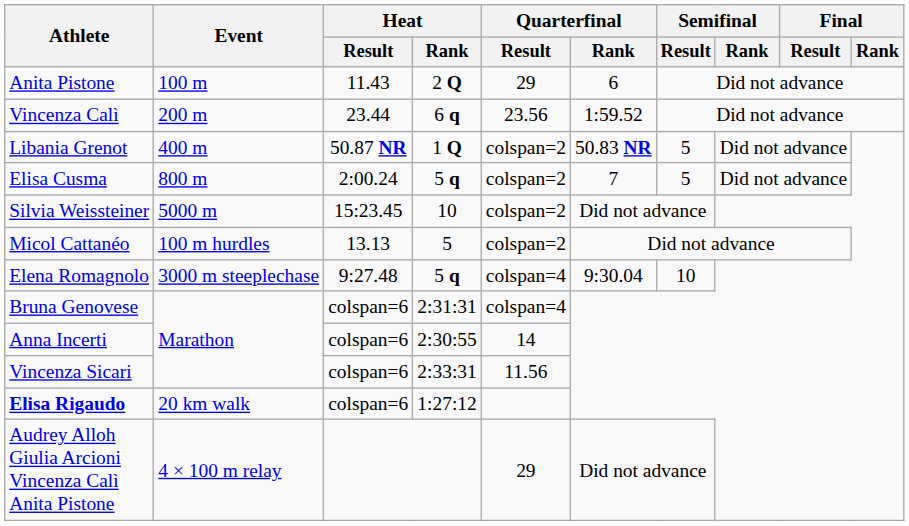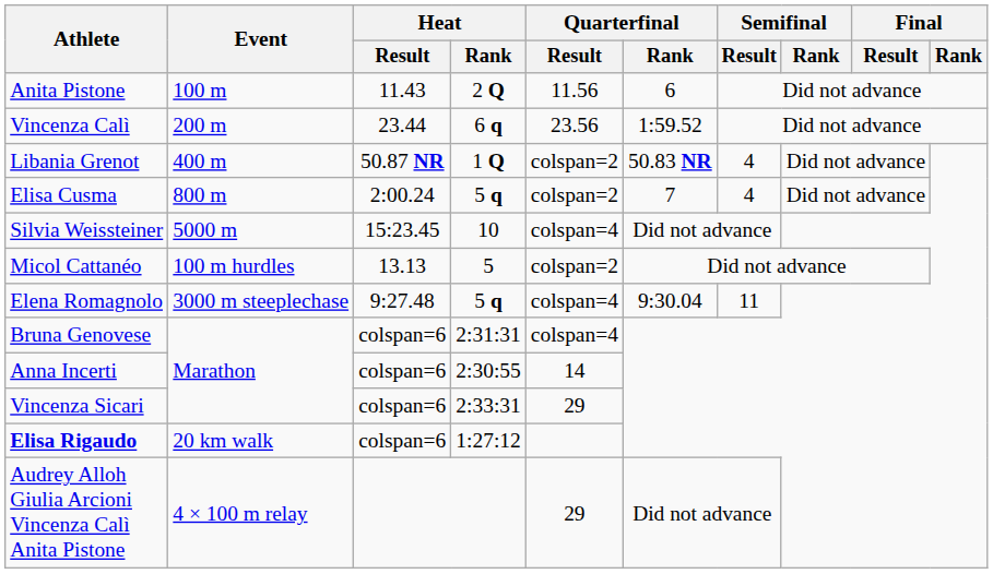 <table class=wikitable style="font-size:90%">
 <tr>
 <th rowspan="2">Athlete</th>
 <th rowspan="2">Event</th>
 <th colspan="2">Heat</th>
 <th colspan="2">Quarterfinal</th>
 <th colspan="2">Semifinal</th>
 <th colspan="2">Final</th>
 </tr>
 <tr style="font-size:95%">
 <th>Result</th>
 <th>Rank</th>
 <th>Result</th>
 <th>Rank</th>
 <th>Result</th>
 <th>Rank</th>
 <th>Result</th>
 <th>Rank</th>
 </tr>
 <tr align=center>
 <td align=left><a href='#'>Anita Pistone</a></td>
 <td align=left><a href='#'>100 m</a></td>
 <td>11.43</td>
 <td>2 <strong>Q</strong></td>
-<td>29</td>
+<td>11.56</td>
 <td>6</td>
 <td colspan=4>Did not advance</td>
 </tr>
 <tr align=center>
 <td align=left><a href='#'>Vincenza Calì</a></td>
 <td align=left><a href='#'>200 m</a></td>
 <td>23.44</td>
 <td>6 <strong>q</strong></td>
 <td>23.56</td>
 <td>1:59.52</td>
 <td colspan=4>Did not advance</td>
 </tr>
 <tr align=center>
 <td align=left><a href='#'>Libania Grenot</a></td>
 <td align=left><a href='#'>400 m</a></td>
 <td>50.87 <strong><a href='#'>NR</a></strong></td>
 <td>1 <strong>Q</strong></td>
 <td>colspan=2 </td>
 <td>50.83 <strong><a href='#'>NR</a></strong></td>
-<td>5</td>
+<td>4</td>
 <td colspan=2>Did not advance</td>
 </tr>
 <tr align=center>
 <td align=left><a href='#'>Elisa Cusma</a></td>
 <td align=left><a href='#'>800 m</a></td>
 <td>2:00.24</td>
 <td>5 <strong>q</strong></td>
 <td>colspan=2 </td>
 <td>7</td>
-<td>5</td>
+<td>4</td>
 <td colspan=2>Did not advance</td>
 </tr>
 <tr align=center>
 <td align=left><a href='#'>Silvia Weissteiner</a></td>
 <td align=left><a href='#'>5000 m</a></td>
 <td>15:23.45</td>
 <td>10</td>
-<td>colspan=2 </td>
+<td>colspan=4 </td>
 <td colspan=2>Did not advance</td>
 </tr>
 <tr align=center>
 <td align=left><a href='#'>Micol Cattanéo</a></td>
 <td align=left><a href='#'>100 m hurdles</a></td>
 <td>13.13</td>
 <td>5</td>
 <td>colspan=2 </td>
 <td colspan=4>Did not advance</td>
 </tr>
 <tr align=center>
 <td align=left><a href='#'>Elena Romagnolo</a></td>
 <td align=left><a href='#'>3000 m steeplechase</a></td>
 <td>9:27.48</td>
 <td>5 <strong>q</strong></td>
 <td>colspan=4 </td>
 <td>9:30.04</td>
-<td>10</td>
+<td>11</td>
 </tr>
 <tr align=center>
 <td align=left><a href='#'>Bruna Genovese</a></td>
 <td align=left rowspan=3><a href='#'>Marathon</a></td>
 <td>colspan=6 </td>
 <td>2:31:31</td>
 <td>colspan=4 </td>
 </tr>
 <tr align=center>
 <td align=left><a href='#'>Anna Incerti</a></td>
 <td>colspan=6 </td>
 <td>2:30:55</td>
 <td>14</td>
 </tr>
 <tr align=center>
 <td align=left><a href='#'>Vincenza Sicari</a></td>
 <td>colspan=6 </td>
 <td>2:33:31</td>
-<td>11.56</td>
+<td>29</td>
 </tr>
 <tr align=center>
 <td align=left><strong><a href='#'>Elisa Rigaudo</a></strong></td>
 <td align=left><a href='#'>20 km walk</a></td>
 <td>colspan=6 </td>
 <td>1:27:12</td>
 <td></td>
 </tr>
 <tr align=center>
 <td align=left><a href='#'>Audrey Alloh</a><br><a href='#'>Giulia Arcioni</a><br><a href='#'>Vincenza Calì</a><br><a href='#'>Anita Pistone</a></td>
 <td align=left><a href='#'>4 × 100 m relay</a></td>
 <td colspan=2></td>
 <td>29</td>
 <td colspan=2>Did not advance</td>
 </tr>
 </table>
